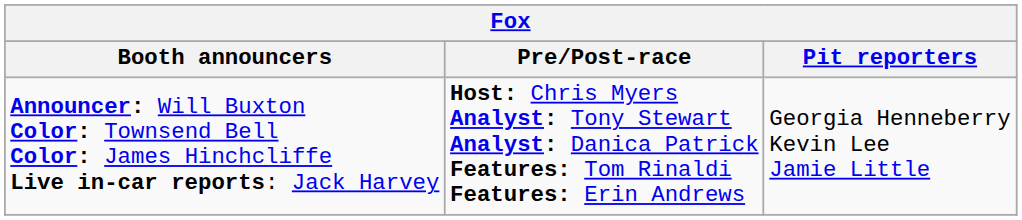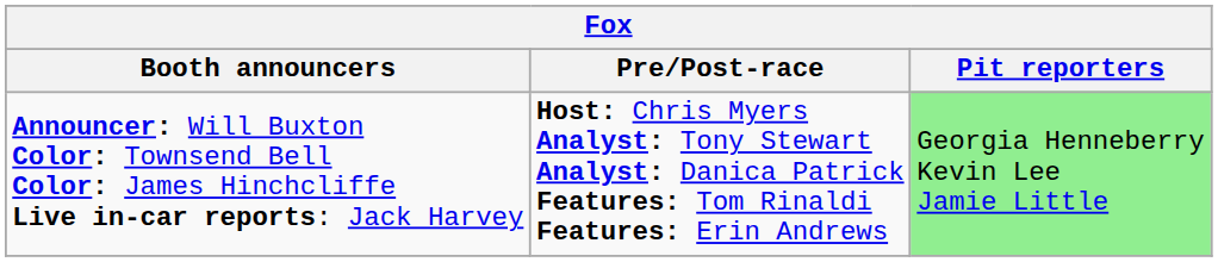 <table class="wikitable" style="font-size: 95%;">
 <tr>
 <th colspan=3><a href='#'>Fox</a></th>
 </tr>
 <tr>
 <th>Booth announcers</th>
 <th>Pre/Post-race</th>
 <th><a href='#'>Pit reporters</a></th>
 </tr>
 <tr>
 <td><strong><a href='#'>Announcer</a>:</strong> <a href='#'>Will Buxton</a><br><strong><a href='#'>Color</a>:</strong> <a href='#'>Townsend Bell</a><br><strong><a href='#'>Color</a>:</strong> <a href='#'>James Hinchcliffe</a><br><strong>Live in-car reports</strong>: <a href='#'>Jack Harvey</a></td>
 <td><strong>Host:</strong> <a href='#'>Chris Myers</a><br><strong><a href='#'>Analyst</a>:</strong> <a href='#'>Tony Stewart</a><br><strong><a href='#'>Analyst</a>:</strong> <a href='#'>Danica Patrick</a><br><strong>Features:</strong> <a href='#'>Tom Rinaldi</a><br><strong>Features:</strong> <a href='#'>Erin Andrews</a></td>
-<td>Georgia Henneberry<br>Kevin Lee<br><a href='#'>Jamie Little</a></td>
+<td style="background: lightgreen;">Georgia Henneberry<br>Kevin Lee<br><a href='#'>Jamie Little</a></td>
 </tr>
 </table>
